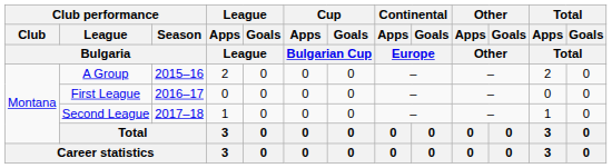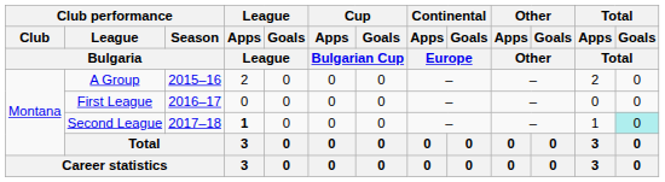 <table class="wikitable" style="text-align: center">
 <tr>
 <th Colspan="3">Club performance</th>
 <th Colspan="2">League</th>
 <th Colspan="2">Cup</th>
 <th Colspan="2">Continental</th>
 <th Colspan="2">Other</th>
 <th Colspan="3">Total</th>
 </tr>
 <tr>
 <th>Club</th>
 <th>League</th>
 <th>Season</th>
 <th>Apps</th>
 <th>Goals</th>
 <th>Apps</th>
 <th>Goals</th>
 <th>Apps</th>
 <th>Goals</th>
 <th>Apps</th>
 <th>Goals</th>
 <th>Apps</th>
 <th>Goals</th>
 </tr>
 <tr>
 <th Colspan="3">Bulgaria</th>
 <th Colspan="2">League</th>
 <th Colspan="2"><a href='#'>Bulgarian Cup</a></th>
 <th Colspan="2"><a href='#'>Europe</a></th>
 <th Colspan="2">Other</th>
 <th Colspan="2">Total</th>
 </tr>
 <tr>
 <td rowspan="4" valign="center"><a href='#'>Montana</a></td>
 <td rowspan="1"><a href='#'>A Group</a></td>
 <td><a href='#'>2015–16</a></td>
 <td>2</td>
 <td>0</td>
 <td>0</td>
 <td>0</td>
 <td colspan="2">–</td>
 <td colspan="2">–</td>
 <td>2</td>
 <td>0</td>
 </tr>
 <tr>
 <td rowspan="1"><a href='#'>First League</a></td>
 <td><a href='#'>2016–17</a></td>
 <td>0</td>
 <td>0</td>
 <td>0</td>
 <td>0</td>
 <td colspan="2">–</td>
 <td colspan="2">–</td>
 <td>0</td>
 <td>0</td>
 </tr>
 <tr>
 <td rowspan="1"><a href='#'>Second League</a></td>
 <td><a href='#'>2017–18</a></td>
-<td>1</td>
+<td><strong>1</strong></td>
 <td>0</td>
 <td>0</td>
 <td>0</td>
 <td colspan="2">–</td>
 <td colspan="2">–</td>
 <td>1</td>
-<td>0</td>
+<td style="background: paleturquoise;">0</td>
 </tr>
 <tr>
 <th colspan=2>Total</th>
 <th>3</th>
 <th>0</th>
 <th>0</th>
 <th>0</th>
 <th>0</th>
 <th>0</th>
 <th>0</th>
 <th>0</th>
 <th>3</th>
 <th>0</th>
 </tr>
 <tr>
 <th colspan="3">Career statistics</th>
 <th>3</th>
 <th>0</th>
 <th>0</th>
 <th>0</th>
 <th>0</th>
 <th>0</th>
 <th>0</th>
 <th>0</th>
 <th>3</th>
 <th>0</th>
 </tr>
 </table>
